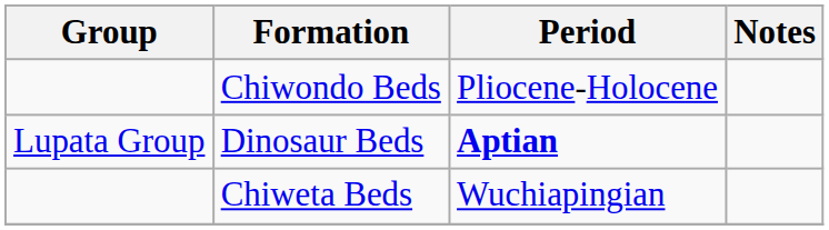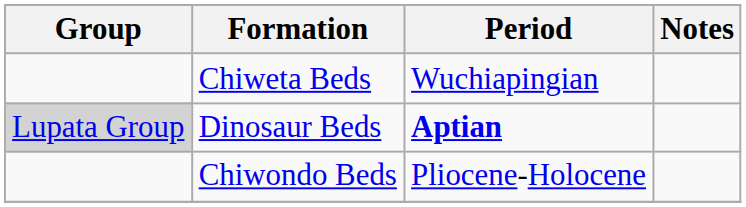 <table class="wikitable sortable">
 <tr>
 <th>Group</th>
 <th>Formation</th>
 <th>Period</th>
 <th class="unsortable">Notes</th>
 </tr>
 <tr>
 <td></td>
-<td><a href='#'>Chiwondo Beds</a></td>
-<td style="background-color: "><a href='#'>Pliocene</a>-<a href='#'>Holocene</a></td>
+<td><a href='#'>Chiweta Beds</a></td>
+<td style="background-color: "><a href='#'>Wuchiapingian</a></td>
 <td align=center></td>
 </tr>
 <tr>
-<td><a href='#'>Lupata Group</a></td>
+<td style="background: lightgrey;"><a href='#'>Lupata Group</a></td>
 <td><a href='#'>Dinosaur Beds</a></td>
 <td style="background-color: "><strong><a href='#'>Aptian</a></strong></td>
 <td align=center></td>
 </tr>
 <tr>
 <td></td>
-<td><a href='#'>Chiweta Beds</a></td>
-<td style="background-color: "><a href='#'>Wuchiapingian</a></td>
+<td><a href='#'>Chiwondo Beds</a></td>
+<td style="background-color: "><a href='#'>Pliocene</a>-<a href='#'>Holocene</a></td>
 <td align=center></td>
 </tr>
 <tr>
 </tr>
 </table>
